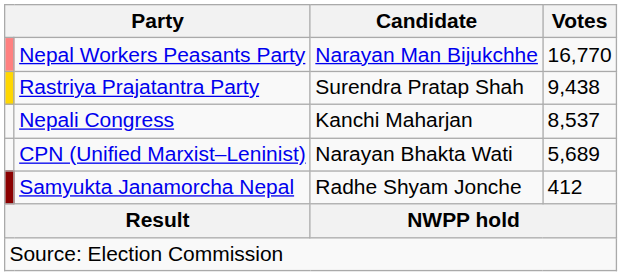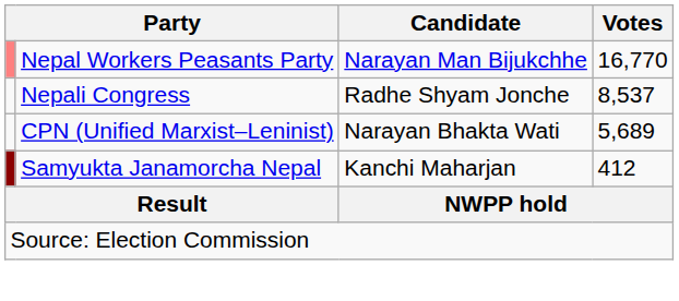 <table class="wikitable">
 <tr>
 <th colspan="2">Party</th>
 <th>Candidate</th>
 <th>Votes</th>
 </tr>
 <tr>
 <td style="background-color:#FF8080"></td>
 <td><a href='#'>Nepal Workers Peasants Party</a></td>
 <td><a href='#'>Narayan Man Bijukchhe</a></td>
 <td>16,770</td>
 </tr>
 <tr>
-<td style="background-color:gold"></td>
-<td><a href='#'>Rastriya Prajatantra Party</a></td>
-<td>Surendra Pratap Shah</td>
-<td>9,438</td>
-</tr>
-<tr>
 <td style="background-color:"></td>
 <td><a href='#'>Nepali Congress</a></td>
-<td>Kanchi Maharjan</td>
+<td>Radhe Shyam Jonche</td>
 <td>8,537</td>
 </tr>
 <tr>
 <td style="background-color:"></td>
 <td><a href='#'>CPN (Unified Marxist–Leninist)</a></td>
 <td>Narayan Bhakta Wati</td>
 <td>5,689</td>
 </tr>
 <tr>
 <td style="background-color:darkred"></td>
 <td><a href='#'>Samyukta Janamorcha Nepal</a></td>
-<td>Radhe Shyam Jonche</td>
+<td>Kanchi Maharjan</td>
 <td>412</td>
 </tr>
 <tr>
 <th colspan="2">Result</th>
 <th colspan="2">NWPP hold</th>
 </tr>
 <tr>
 <td colspan="4">Source: Election Commission</td>
 </tr>
 </table>
